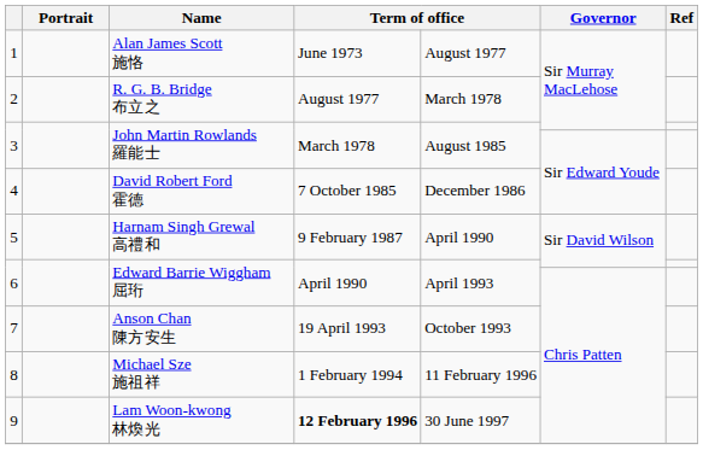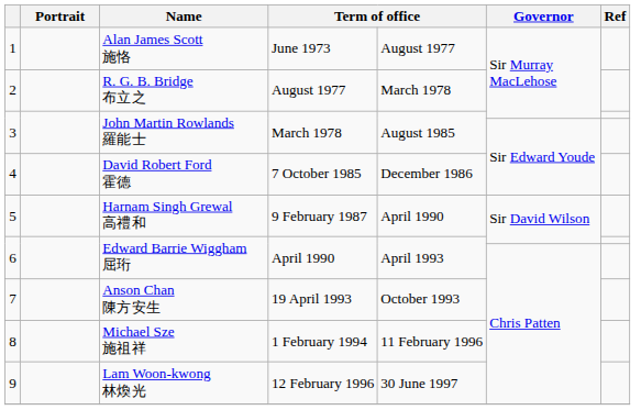 <table class="wikitable"  style="text-align:left">
 <tr>
 <th width=10px></th>
 <th width=80px>Portrait</th>
 <th width=180px>Name</th>
 <th width=180px colspan=2>Term of office</th>
 <th width=120px><a href='#'>Governor</a></th>
 <th>Ref</th>
 </tr>
 <tr>
 <td align=center>1</td>
 <td></td>
 <td><a href='#'>Alan James Scott</a><br>施恪</td>
 <td>June 1973</td>
 <td>August 1977</td>
 <td rowspan=3>Sir <a href='#'>Murray MacLehose</a><br></td>
 <td></td>
 </tr>
 <tr>
 <td align=center>2</td>
 <td></td>
 <td><a href='#'>R. G. B. Bridge</a><br>布立之</td>
 <td>August 1977</td>
 <td>March 1978</td>
 <td></td>
 </tr>
 <tr>
 <td rowspan=2 align=center>3</td>
 <td rowspan=2></td>
 <td rowspan=2><a href='#'>John Martin Rowlands</a><br>羅能士</td>
 <td rowspan=2>March 1978</td>
 <td rowspan=2>August 1985</td>
 <td></td>
 </tr>
 <tr>
 <td rowspan=2>Sir <a href='#'>Edward Youde</a><br></td>
 <td></td>
 </tr>
 <tr>
 <td align=center>4</td>
 <td></td>
 <td><a href='#'>David Robert Ford</a><br>霍德</td>
 <td>7 October 1985</td>
 <td>December 1986</td>
 <td></td>
 </tr>
 <tr>
 <td align=center>5</td>
 <td></td>
 <td><a href='#'>Harnam Singh Grewal</a><br>高禮和</td>
 <td>9 February 1987</td>
 <td>April 1990</td>
 <td rowspan=2>Sir <a href='#'>David Wilson</a><br></td>
 <td></td>
 </tr>
 <tr>
 <td rowspan=2 align=center>6</td>
 <td rowspan=2></td>
 <td rowspan=2><a href='#'>Edward Barrie Wiggham</a><br>屈珩</td>
 <td rowspan=2>April 1990</td>
 <td rowspan=2>April 1993</td>
 <td></td>
 </tr>
 <tr>
 <td rowspan=4><a href='#'>Chris Patten</a><br></td>
 <td></td>
 </tr>
 <tr>
 <td align=center>7</td>
 <td></td>
 <td><a href='#'>Anson Chan</a><br>陳方安生</td>
 <td>19 April 1993</td>
 <td>October 1993</td>
 <td></td>
 </tr>
 <tr>
 <td align=center>8</td>
 <td></td>
 <td><a href='#'>Michael Sze</a><br>施祖祥</td>
 <td>1 February 1994</td>
 <td>11 February 1996</td>
 <td></td>
 </tr>
 <tr>
 <td align=center>9</td>
 <td></td>
 <td><a href='#'>Lam Woon-kwong</a><br>林煥光</td>
-<td><strong>12 February 1996</strong></td>
+<td>12 February 1996</td>
 <td>30 June 1997</td>
 <td></td>
 </tr>
 <tr>
 </tr>
 </table>
